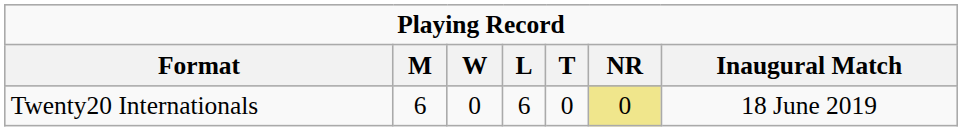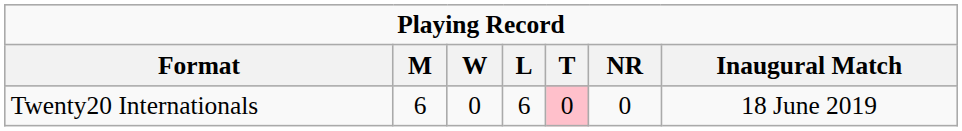 <table class="wikitable" style="text-align: center; width: 600px;">
 <tr>
 <td colspan=7 align="center"><strong>Playing Record</strong></td>
 </tr>
 <tr>
 <th>Format</th>
 <th>M</th>
 <th>W</th>
 <th>L</th>
 <th>T</th>
 <th>NR</th>
 <th>Inaugural Match</th>
 </tr>
 <tr>
 <td align="left">Twenty20 Internationals</td>
 <td>6</td>
 <td>0</td>
 <td>6</td>
+<td style="background: pink;">0</td>
 <td>0</td>
-<td style="background: khaki;">0</td>
 <td>18 June 2019</td>
 </tr>
 </table>
